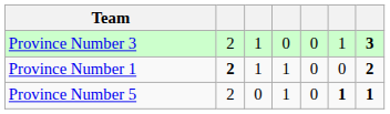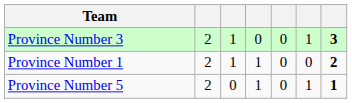 <table class="wikitable" style="text-align:center">
 <tr>
 <th style="width:200px">Team</th>
 <th width="20"></th>
 <th width="20"></th>
 <th width="20"></th>
 <th width="20"></th>
 <th width="20"></th>
 <th width="20"></th>
 </tr>
 <tr style="background:#cfc">
 <td style="text-align:left"><a href='#'>Province Number 3</a></td>
 <td>2</td>
 <td>1</td>
 <td>0</td>
 <td>0</td>
 <td>1</td>
 <td><strong>3</strong></td>
 </tr>
 <tr>
 <td style="text-align:left"><a href='#'>Province Number 1</a></td>
-<td><strong>2</strong></td>
+<td>2</td>
 <td>1</td>
 <td>1</td>
 <td>0</td>
 <td>0</td>
 <td><strong>2</strong></td>
 </tr>
 <tr>
 <td style="text-align:left"><a href='#'>Province Number 5</a></td>
 <td>2</td>
 <td>0</td>
 <td>1</td>
 <td>0</td>
-<td><strong>1</strong></td>
+<td>1</td>
 <td><strong>1</strong></td>
 </tr>
 </table>
